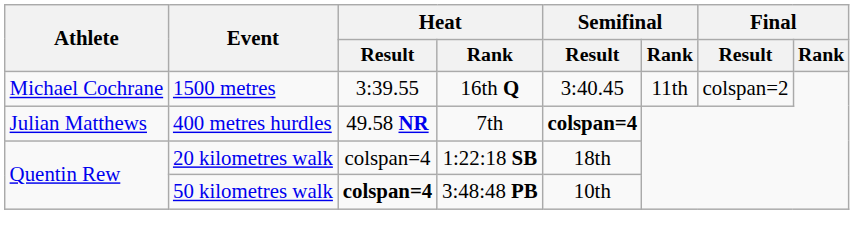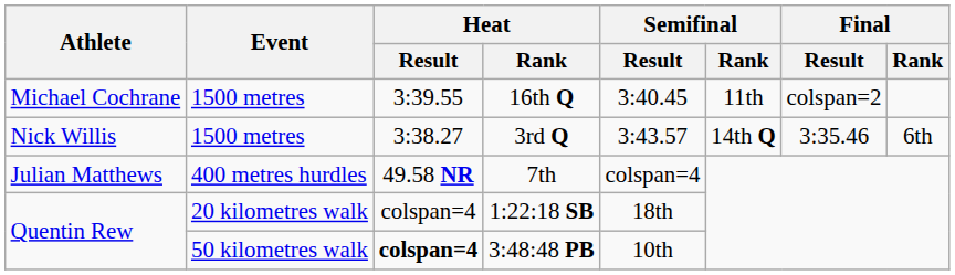 <table class="wikitable" style="font-size:90%">
 <tr>
 <th rowspan="2">Athlete</th>
 <th rowspan="2">Event</th>
 <th colspan="2">Heat</th>
 <th colspan="2">Semifinal</th>
 <th colspan="2">Final</th>
 </tr>
 <tr style="font-size:95%">
 <th>Result</th>
 <th>Rank</th>
 <th>Result</th>
 <th>Rank</th>
 <th>Result</th>
 <th>Rank</th>
 </tr>
 <tr style=text-align:center>
 <td style=text-align:left><a href='#'>Michael Cochrane</a></td>
 <td style=text-align:left><a href='#'>1500 metres</a></td>
 <td>3:39.55</td>
 <td>16th <strong>Q</strong></td>
 <td>3:40.45</td>
 <td>11th</td>
 <td>colspan=2 </td>
 </tr>
 <tr style=text-align:center>
+<td style=text-align:left><a href='#'>Nick Willis</a></td>
+<td style=text-align:left><a href='#'>1500 metres</a></td>
+<td>3:38.27</td>
+<td>3rd <strong>Q</strong></td>
+<td>3:43.57</td>
+<td>14th <strong>Q</strong></td>
+<td>3:35.46</td>
+<td>6th</td>
+</tr>
+<tr style=text-align:center>
 <td style=text-align:left><a href='#'>Julian Matthews</a></td>
 <td style=text-align:left><a href='#'>400 metres hurdles</a></td>
 <td>49.58	<strong><a href='#'>NR</a></strong></td>
 <td>7th</td>
-<td><strong>colspan=4 </strong></td>
+<td>colspan=4 </td>
 </tr>
 <tr style=text-align:center>
 <td style=text-align:left rowspan=2><a href='#'>Quentin Rew</a></td>
 <td style=text-align:left><a href='#'>20 kilometres walk</a></td>
 <td>colspan=4 </td>
 <td>1:22:18 <strong>SB</strong></td>
 <td>18th</td>
 </tr>
 <tr style=text-align:center>
 <td style=text-align:left><a href='#'>50 kilometres walk</a></td>
 <td><strong>colspan=4 </strong></td>
 <td>3:48:48 <strong>PB</strong></td>
 <td>10th</td>
 </tr>
 </table>
